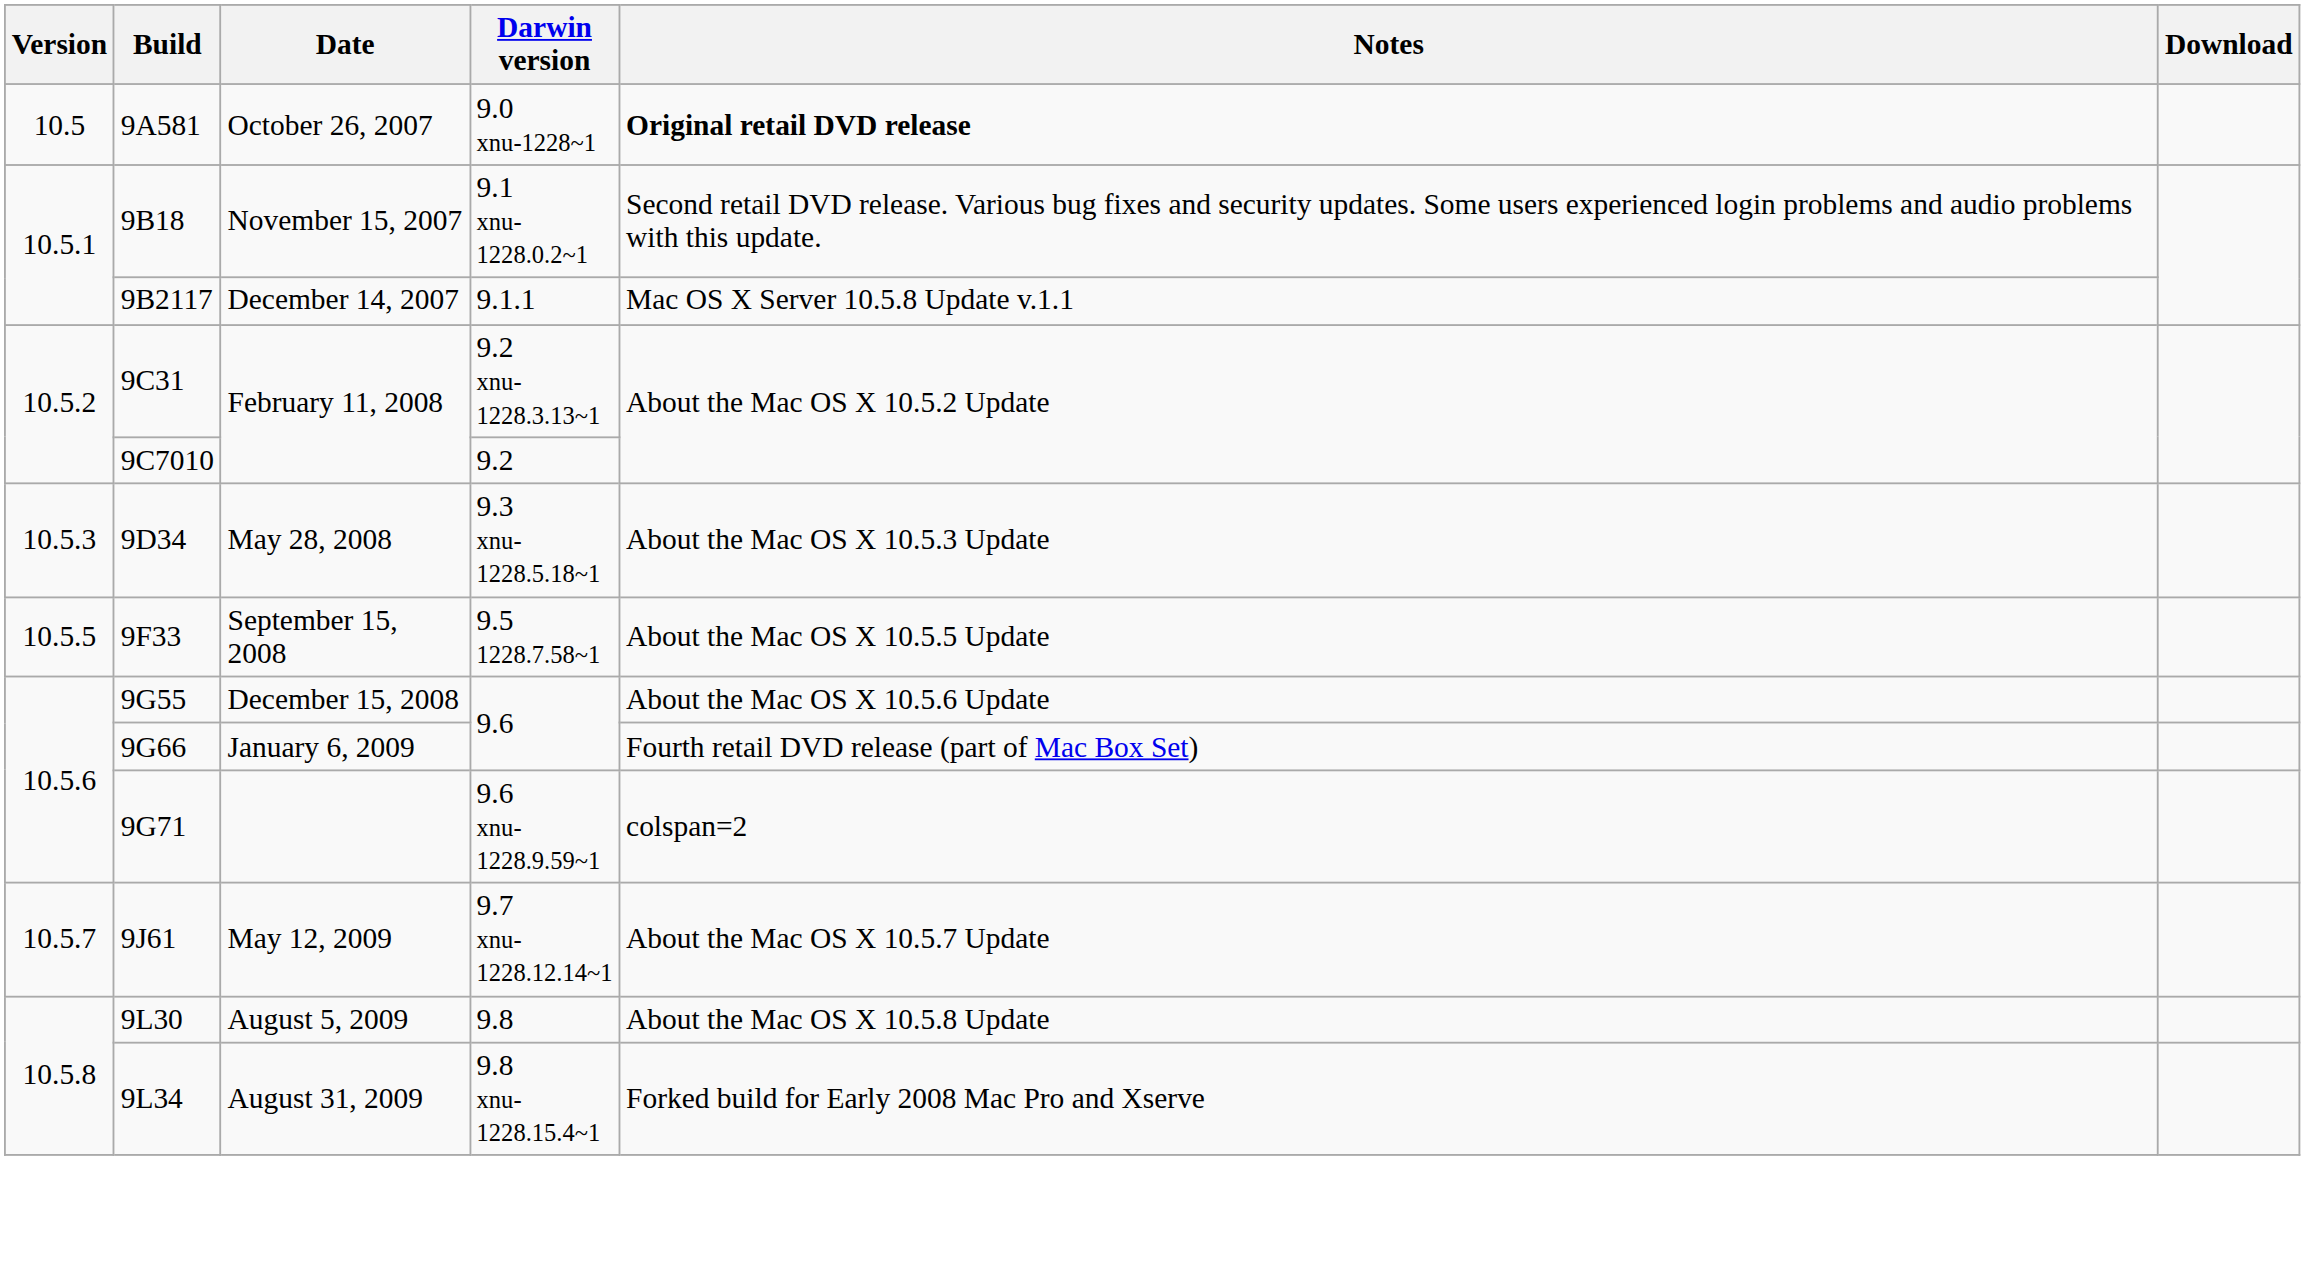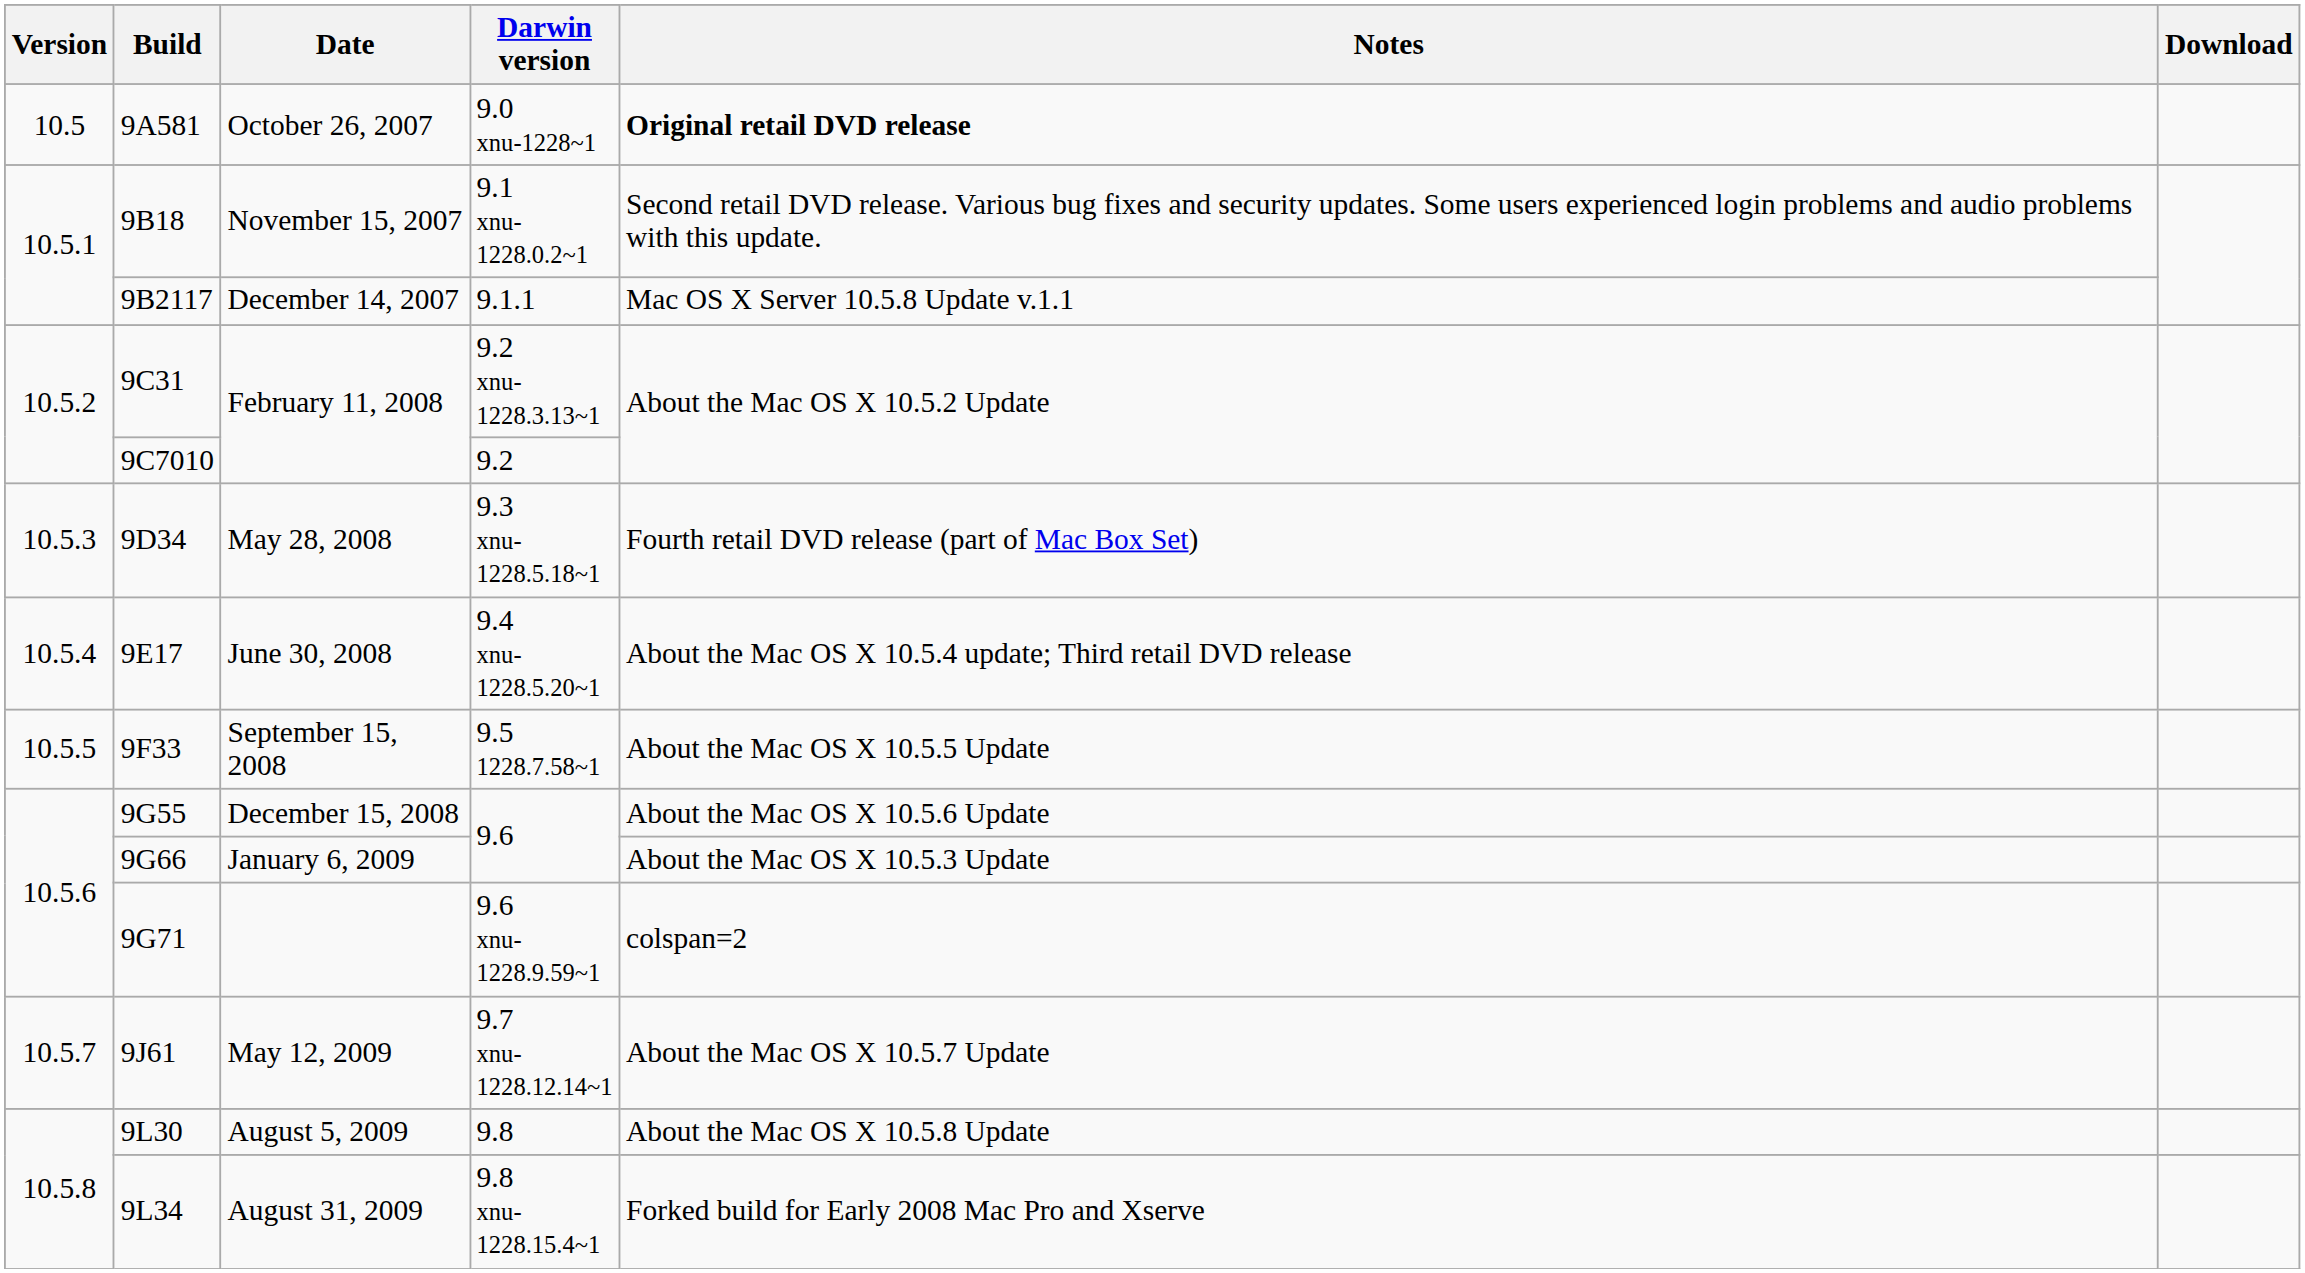 <table class=wikitable>
 <tr>
 <th>Version</th>
 <th>Build</th>
 <th style=width:128px>Date</th>
 <th style=width:68px><a href='#'>Darwin</a> version</th>
 <th>Notes</th>
 <th>Download</th>
 </tr>
 <tr>
 <td style=text-align:center>10.5</td>
 <td>9A581</td>
 <td>October 26, 2007</td>
 <td>9.0<br><small>xnu-1228~1</small></td>
 <td><strong>Original retail DVD release</strong></td>
 <td></td>
 </tr>
 <tr>
 <td style=text-align:center rowspan=2>10.5.1</td>
 <td>9B18</td>
 <td>November 15, 2007</td>
 <td>9.1<br><small>xnu-1228.0.2~1</small></td>
 <td>Second retail DVD release. Various bug fixes and security updates. Some users experienced login problems and audio problems with this update.</td>
 <td rowspan=2></td>
 </tr>
 <tr>
 <td>9B2117</td>
 <td>December 14, 2007</td>
 <td>9.1.1</td>
 <td>Mac OS X Server 10.5.8 Update v.1.1</td>
 </tr>
 <tr>
 <td style=text-align:center rowspan=2>10.5.2</td>
 <td>9C31</td>
 <td rowspan=2>February 11, 2008</td>
 <td>9.2<br><small>xnu-1228.3.13~1</small></td>
 <td rowspan=2>About the Mac OS X 10.5.2 Update</td>
 <td rowspan=2></td>
 </tr>
 <tr>
 <td>9C7010</td>
 <td>9.2</td>
 </tr>
 <tr>
 <td style=text-align:center>10.5.3</td>
 <td>9D34</td>
 <td>May 28, 2008</td>
 <td>9.3<br><small>xnu-1228.5.18~1</small></td>
-<td>About the Mac OS X 10.5.3 Update</td>
+<td>Fourth retail DVD release (part of <a href='#'>Mac Box Set</a>)</td>
+<td><br></td>
+</tr>
+<tr>
+<td style=text-align:center>10.5.4</td>
+<td>9E17</td>
+<td>June 30, 2008</td>
+<td>9.4<br><small>xnu-1228.5.20~1</small></td>
+<td>About the Mac OS X 10.5.4 update; Third retail DVD release</td>
 <td><br></td>
 </tr>
 <tr>
 <td style=text-align:center>10.5.5</td>
 <td>9F33</td>
 <td>September 15, 2008</td>
 <td>9.5<br><small>1228.7.58~1</small></td>
 <td>About the Mac OS X 10.5.5 Update</td>
 <td><br></td>
 </tr>
 <tr>
 <td style=text-align:center rowspan=3>10.5.6</td>
 <td>9G55</td>
 <td>December 15, 2008</td>
 <td rowspan=2>9.6</td>
 <td>About the Mac OS X 10.5.6 Update</td>
 <td><br></td>
 </tr>
 <tr>
 <td>9G66</td>
 <td>January 6, 2009</td>
-<td>Fourth retail DVD release (part of <a href='#'>Mac Box Set</a>)</td>
+<td>About the Mac OS X 10.5.3 Update</td>
 <td></td>
 </tr>
 <tr>
 <td>9G71 </td>
 <td></td>
 <td>9.6<br><small>xnu-1228.9.59~1</small></td>
 <td>colspan=2</td>
 </tr>
 <tr>
 <td style=text-align:center>10.5.7</td>
 <td>9J61</td>
 <td>May 12, 2009</td>
 <td>9.7<br><small>xnu-1228.12.14~1</small></td>
 <td>About the Mac OS X 10.5.7 Update</td>
 <td><br></td>
 </tr>
 <tr>
 <td style=text-align:center rowspan=2>10.5.8</td>
 <td>9L30</td>
 <td>August 5, 2009</td>
 <td>9.8</td>
 <td>About the Mac OS X 10.5.8 Update</td>
 <td><br></td>
 </tr>
 <tr>
 <td>9L34</td>
 <td>August 31, 2009</td>
 <td>9.8<br><small>xnu-1228.15.4~1</small></td>
 <td>Forked build for Early 2008 Mac Pro and Xserve</td>
 <td></td>
 </tr>
 </table>
